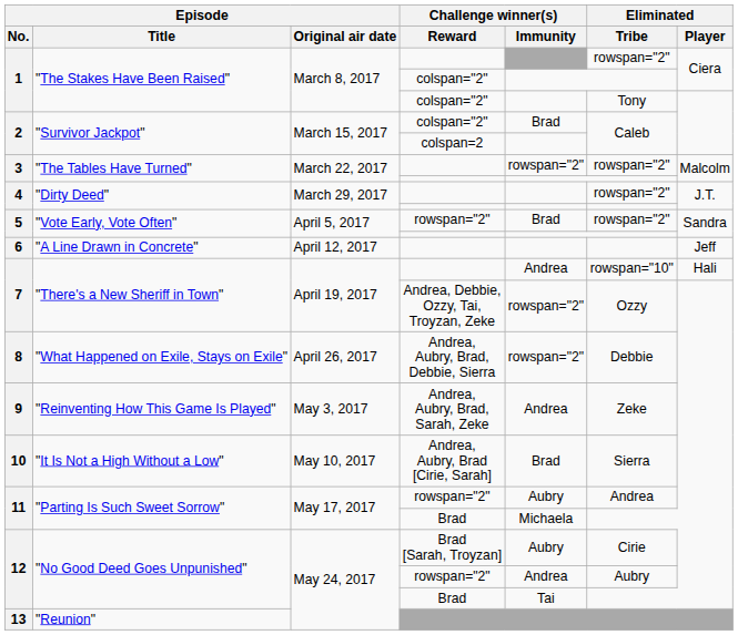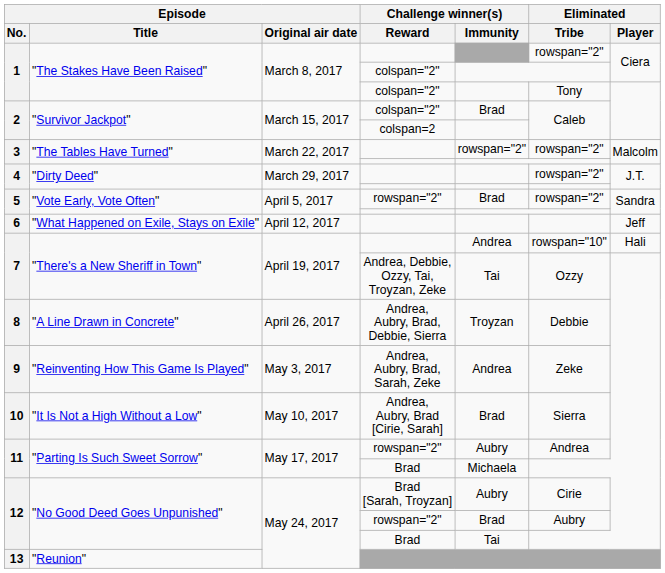 <table class="wikitable plainrowheaders" style="margin:auto; text-align:center">
 <tr>
 <th scope="col" colspan="3">Episode</th>
 <th scope="col" colspan="2">Challenge winner(s)</th>
 <th scope="col" colspan="2">Eliminated</th>
 </tr>
 <tr>
 <th scope="col">No.</th>
 <th scope="col">Title</th>
 <th scope="col">Original air date</th>
 <th scope="col">Reward</th>
 <th scope="col">Immunity</th>
 <th scope="col">Tribe</th>
 <th scope="col">Player</th>
 </tr>
 <tr>
 <th rowspan="3">1</th>
 <td align="left" rowspan="3">"<a href='#'>The Stakes Have Been Raised</a>"</td>
 <td align="left" rowspan="3">March 8, 2017</td>
 <td></td>
 <td bgcolor="darkgrey"></td>
 <td>rowspan="2" </td>
 <td rowspan="2">Ciera</td>
 </tr>
 <tr>
 <td>colspan="2" </td>
 </tr>
 <tr>
 <td>colspan="2" </td>
 <td></td>
 <td>Tony</td>
 </tr>
 <tr>
 <th rowspan="2">2</th>
 <td align="left" rowspan="2">"<a href='#'>Survivor Jackpot</a>"</td>
 <td align="left" rowspan="2">March 15, 2017</td>
 <td>colspan="2" </td>
 <td>Brad</td>
 <td rowspan=2>Caleb</td>
 </tr>
 <tr>
 <td>colspan=2 </td>
 </tr>
 <tr>
 <th rowspan="2">3</th>
 <td align="left" rowspan="2">"<a href='#'>The Tables Have Turned</a>"</td>
 <td align="left" rowspan="2">March 22, 2017</td>
 <td></td>
 <td>rowspan="2" </td>
 <td>rowspan="2" </td>
 <td rowspan=2>Malcolm</td>
 </tr>
 <tr>
 <td></td>
 </tr>
 <tr>
 <th rowspan="2">4</th>
 <td align="left" rowspan=2>"<a href='#'>Dirty Deed</a>"</td>
 <td align="left" rowspan=2>March 29, 2017</td>
 <td></td>
 <td></td>
 <td>rowspan="2" </td>
 <td rowspan=2>J.T.</td>
 </tr>
 <tr>
 <td></td>
 <td></td>
 </tr>
 <tr>
 <th rowspan=2>5</th>
 <td align="left" rowspan=2>"<a href='#'>Vote Early, Vote Often</a>"</td>
 <td align="left" rowspan=2>April 5, 2017</td>
 <td>rowspan="2" </td>
 <td>Brad</td>
 <td>rowspan="2" </td>
 <td rowspan=2>Sandra</td>
 </tr>
 <tr>
 <td></td>
 </tr>
 <tr>
 <th>6</th>
-<td align="left">"<a href='#'>A Line Drawn in Concrete</a>"</td>
+<td align="left">"<a href='#'>What Happened on Exile, Stays on Exile</a>"</td>
 <td align="left">April 12, 2017</td>
 <td></td>
 <td></td>
 <td></td>
 <td>Jeff</td>
 </tr>
 <tr>
 <th rowspan=2>7</th>
 <td align="left" rowspan="2">"<a href='#'>There's a New Sheriff in Town</a>"</td>
 <td align="left" rowspan="2">April 19, 2017</td>
 <td></td>
 <td>Andrea</td>
 <td>rowspan="10" </td>
 <td>Hali</td>
 </tr>
 <tr>
 <td>Andrea, Debbie,<br>Ozzy, Tai,<br>Troyzan, Zeke</td>
-<td>rowspan="2" </td>
+<td>Tai</td>
 <td>Ozzy</td>
 </tr>
 <tr>
 <th>8</th>
-<td align="left">"<a href='#'>What Happened on Exile, Stays on Exile</a>"</td>
+<td align="left">"<a href='#'>A Line Drawn in Concrete</a>"</td>
 <td align="left">April 26, 2017</td>
 <td>Andrea,<br>Aubry, Brad,<br>Debbie, Sierra</td>
-<td>rowspan="2" </td>
+<td>Troyzan</td>
 <td>Debbie</td>
 </tr>
 <tr>
 <th>9</th>
 <td align="left">"<a href='#'>Reinventing How This Game Is Played</a>"</td>
 <td align="left">May 3, 2017</td>
 <td>Andrea,<br>Aubry, Brad,<br>Sarah, Zeke</td>
 <td>Andrea</td>
 <td>Zeke</td>
 </tr>
 <tr>
 <th>10</th>
 <td align="left">"<a href='#'>It Is Not a High Without a Low</a>"</td>
 <td align="left">May 10, 2017</td>
 <td>Andrea,<br>Aubry, Brad<br>[Cirie, Sarah]</td>
 <td>Brad</td>
 <td>Sierra</td>
 </tr>
 <tr>
 <th rowspan="2">11</th>
 <td align="left" rowspan="2">"<a href='#'>Parting Is Such Sweet Sorrow</a>"</td>
 <td align="left" rowspan="2">May 17, 2017</td>
 <td>rowspan="2" </td>
 <td>Aubry</td>
 <td>Andrea</td>
 </tr>
 <tr>
 <td>Brad</td>
 <td>Michaela</td>
 </tr>
 <tr>
 <th rowspan="3">12</th>
 <td align="left" rowspan="3">"<a href='#'>No Good Deed Goes Unpunished</a>"</td>
 <td rowspan="4" align="left">May 24, 2017</td>
 <td>Brad<br>[Sarah, Troyzan]</td>
 <td>Aubry</td>
 <td>Cirie</td>
 </tr>
 <tr>
 <td>rowspan="2" </td>
-<td>Andrea</td>
+<td>Brad</td>
 <td>Aubry</td>
 </tr>
 <tr>
 <td>Brad</td>
 <td>Tai</td>
 </tr>
 <tr>
 <th>13</th>
 <td align="left">"<a href='#'>Reunion</a>"</td>
 <td colspan="4" bgcolor="darkgray"></td>
 </tr>
 </table>
